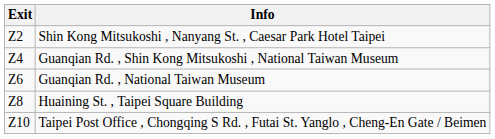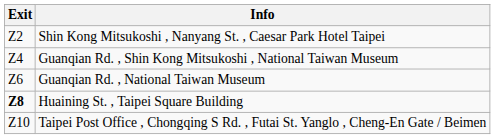 <table class="wikitable" style="margin:1em auto;">
 <tr>
 <th>Exit</th>
 <th>Info</th>
 </tr>
 <tr>
 <td>Z2</td>
 <td>Shin Kong Mitsukoshi , Nanyang St. , Caesar Park Hotel Taipei</td>
 </tr>
 <tr>
 <td>Z4</td>
 <td>Guanqian Rd. , Shin Kong Mitsukoshi , National Taiwan Museum</td>
 </tr>
 <tr>
 <td>Z6</td>
 <td>Guanqian Rd. , National Taiwan Museum</td>
 </tr>
 <tr>
-<td>Z8</td>
+<td><strong>Z8</strong></td>
 <td>Huaining St. , Taipei Square Building</td>
 </tr>
 <tr>
 <td>Z10</td>
 <td>Taipei Post Office , Chongqing S Rd. , Futai St. Yanglo , Cheng-En Gate / Beimen</td>
 </tr>
 </table>
